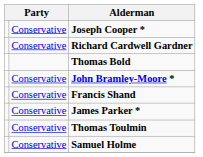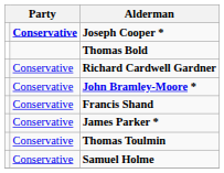 <table class="wikitable">
 <tr>
 <th colspan="2">Party</th>
 <th>Alderman</th>
 </tr>
 <tr>
 <td style="background-color:"></td>
-<td><a href='#'>Conservative</a></td>
+<td><strong><a href='#'>Conservative</a></strong></td>
 <td><strong>Joseph Cooper *</strong></td>
+</tr>
+<tr>
+<td style="background-color:white "></td>
+<td></td>
+<td><strong>Thomas Bold</strong></td>
 </tr>
 <tr>
 <td style="background-color:"></td>
 <td><a href='#'>Conservative</a></td>
 <td><strong>Richard Cardwell Gardner</strong></td>
-</tr>
-<tr>
-<td style="background-color:white "></td>
-<td></td>
-<td><strong>Thomas Bold</strong></td>
 </tr>
 <tr>
 <td style="background-color:"></td>
 <td><a href='#'>Conservative</a></td>
 <td><strong><a href='#'>John Bramley-Moore</a> *</strong></td>
 </tr>
 <tr>
 <td style="background-color:"></td>
 <td><a href='#'>Conservative</a></td>
 <td><strong>Francis Shand</strong></td>
 </tr>
 <tr>
 <td style="background-color:"></td>
 <td><a href='#'>Conservative</a></td>
 <td><strong>James Parker *</strong></td>
 </tr>
 <tr>
 <td style="background-color:"></td>
 <td><a href='#'>Conservative</a></td>
 <td><strong>Thomas Toulmin</strong></td>
 </tr>
 <tr>
 <td style="background-color:"></td>
 <td><a href='#'>Conservative</a></td>
 <td><strong>Samuel Holme</strong></td>
 </tr>
 <tr>
 </tr>
 </table>
